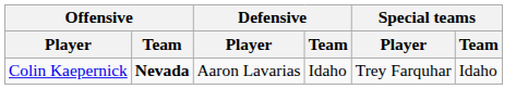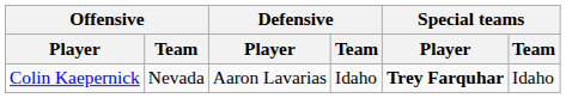 <table class="wikitable">
 <tr>
 <th colspan="2">Offensive</th>
 <th colspan="2">Defensive</th>
 <th colspan="2">Special teams</th>
 </tr>
 <tr>
 <th>Player</th>
 <th>Team</th>
 <th>Player</th>
 <th>Team</th>
 <th>Player</th>
 <th>Team</th>
 </tr>
 <tr>
 <td><a href='#'>Colin Kaepernick</a></td>
-<td><strong>Nevada</strong></td>
+<td>Nevada</td>
 <td>Aaron Lavarias</td>
 <td>Idaho</td>
-<td>Trey Farquhar</td>
+<td><strong>Trey Farquhar</strong></td>
 <td>Idaho</td>
 </tr>
 </table>
